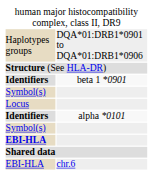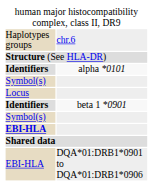 <table id="drugInfoBox" style="float: right; clear: right; margin: 0 0 0.5em 1em; background: #ffffff;" class="toccolours" border=0 cellpadding=0 align=right width="240px">
 <tr>
 <td align="center" colspan="2"></td>
 </tr>
 <tr>
 <td align="center" colspan="2"><div>human major histocompatibility complex, class II, DR9</div></td>
 </tr>
 <tr>
 <td bgcolor="#e7dcc3">Haplotypes groups</td>
-<td bgcolor="#eeeeee">DQA*01:DRB1*0901 to<br>DQA*01:DRB1*0906</td>
+<td bgcolor="#eeeeee"><a href='#'>chr.6</a> <em></em></td>
 </tr>
 <tr>
 <td colspan="2" bgcolor="#dddddd"><strong>Structure</strong> (See <a href='#'>HLA-DR</a>)</td>
 </tr>
 <tr style="background:#f8f8f8">
 <td bgcolor="#dddddd"><strong>Identifiers</strong></td>
-<td align="center"><div>beta 1 <em>*0901</em></div></td>
+<td align="center"><div>alpha <em>*0101</em></div></td>
 </tr>
 <tr>
 <td bgcolor="#e7dcc3"><a href='#'>Symbol(s)</a></td>
 <td bgcolor="#eeeeee"></td>
 </tr>
 <tr>
 <td bgcolor="#e7dcc3"><a href='#'>Locus</a></td>
 <td bgcolor="#eeeeee"></td>
 </tr>
 <tr style="background:#f8f8f8">
 <td bgcolor="#dddddd"><strong>Identifiers</strong></td>
-<td align="center"><div>alpha <em>*0101</em></div></td>
+<td align="center"><div>beta 1 <em>*0901</em></div></td>
 </tr>
 <tr>
 <td bgcolor="#e7dcc3"><a href='#'>Symbol(s)</a></td>
 <td bgcolor="#eeeeee"></td>
 </tr>
 <tr>
 <td bgcolor="#e7dcc3"><strong><a href='#'>EBI-HLA</a></strong></td>
 <td bgcolor="#eeeeee"> </td>
 </tr>
 <tr>
 <td colspan="2" bgcolor="#dddddd"><strong>Shared data</strong></td>
 </tr>
 <tr>
 <td bgcolor="#e7dcc3"><a href='#'>EBI-HLA</a></td>
-<td bgcolor="#eeeeee"><a href='#'>chr.6</a> <em></em></td>
+<td bgcolor="#eeeeee">DQA*01:DRB1*0901 to<br>DQA*01:DRB1*0906</td>
 </tr>
 <tr>
 </tr>
 </table>
